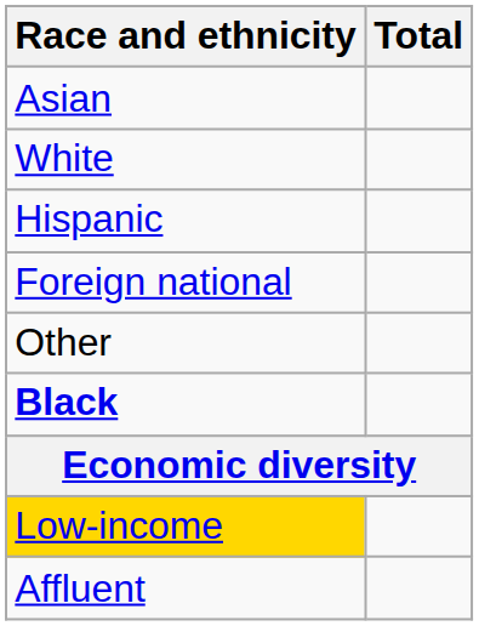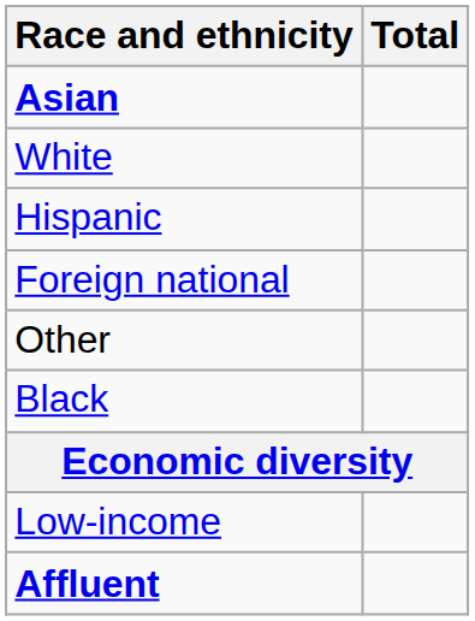 <table class="wikitable floatright sortable collapsible" ; text-align:right; font-size:80%;">
 <tr>
 <th>Race and ethnicity</th>
 <th colspan="2" data-sort-type="number">Total</th>
 </tr>
 <tr>
-<td><a href='#'>Asian</a></td>
+<td><strong><a href='#'>Asian</a></strong></td>
 <td align=right></td>
 </tr>
 <tr>
 <td><a href='#'>White</a></td>
 <td align=right></td>
 </tr>
 <tr>
 <td><a href='#'>Hispanic</a></td>
 <td align=right></td>
 </tr>
 <tr>
 <td><a href='#'>Foreign national</a></td>
 <td align=right></td>
 </tr>
 <tr>
 <td>Other</td>
 <td align=right></td>
 </tr>
 <tr>
-<td><strong><a href='#'>Black</a></strong></td>
+<td><a href='#'>Black</a></td>
 <td align=right></td>
 </tr>
 <tr>
 <th colspan="4" data-sort-type="number"><a href='#'>Economic diversity</a></th>
 </tr>
 <tr>
-<td style="background: gold;"><a href='#'>Low-income</a></td>
+<td><a href='#'>Low-income</a></td>
 <td align=right></td>
 </tr>
 <tr>
-<td><a href='#'>Affluent</a></td>
+<td><strong><a href='#'>Affluent</a></strong></td>
 <td align=right></td>
 </tr>
 </table>
